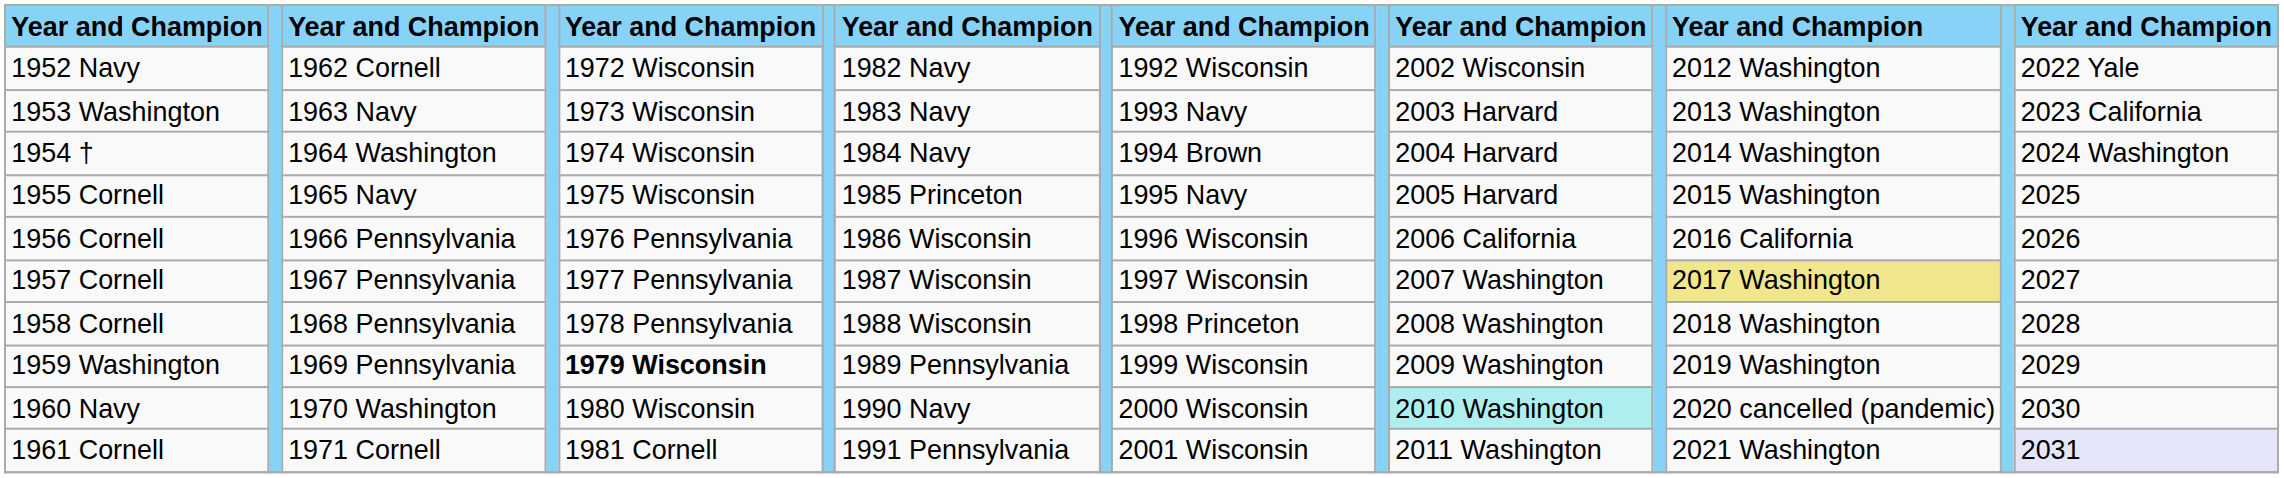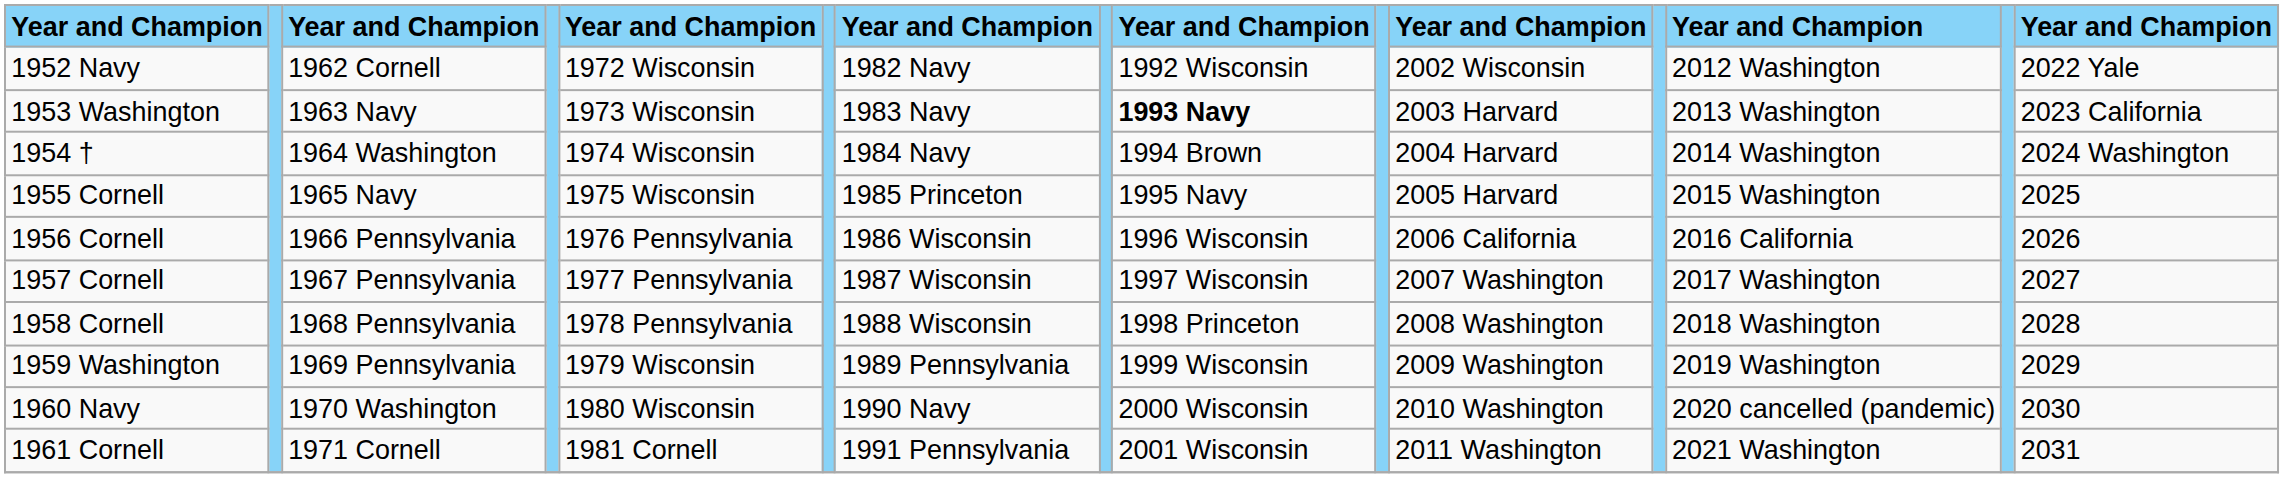 <table class="wikitable" style="font-size:85%;">
 <tr ! style="background-color: #87D3F8;">
 <td><strong>Year and Champion</strong></td>
 <td rowspan=11></td>
 <td><strong>Year and Champion</strong></td>
 <td rowspan=11></td>
 <td><strong>Year and Champion</strong></td>
 <td rowspan=11></td>
 <td><strong>Year and Champion</strong></td>
 <td rowspan=11></td>
 <td><strong>Year and Champion</strong></td>
 <td rowspan=11></td>
 <td><strong>Year and Champion</strong></td>
 <td rowspan=11></td>
 <td><strong>Year and Champion</strong></td>
 <td rowspan=11></td>
 <td><strong>Year and Champion</strong></td>
 </tr>
 <tr --->
 <td>1952 Navy</td>
 <td>1962 Cornell</td>
 <td>1972 Wisconsin</td>
 <td>1982 Navy</td>
 <td>1992 Wisconsin</td>
 <td>2002 Wisconsin</td>
 <td>2012 Washington</td>
 <td>2022 Yale</td>
 </tr>
 <tr --->
 <td>1953 Washington</td>
 <td>1963 Navy</td>
 <td>1973 Wisconsin</td>
 <td>1983 Navy</td>
-<td>1993 Navy</td>
+<td><strong>1993 Navy</strong></td>
 <td>2003 Harvard</td>
 <td>2013 Washington</td>
 <td>2023 California</td>
 </tr>
 <tr --->
 <td>1954 †</td>
 <td>1964 Washington</td>
 <td>1974 Wisconsin</td>
 <td>1984 Navy</td>
 <td>1994 Brown</td>
 <td>2004 Harvard</td>
 <td>2014 Washington</td>
 <td>2024 Washington</td>
 </tr>
 <tr --->
 <td>1955 Cornell</td>
 <td>1965 Navy</td>
 <td>1975 Wisconsin</td>
 <td>1985 Princeton</td>
 <td>1995 Navy</td>
 <td>2005 Harvard</td>
 <td>2015 Washington</td>
 <td>2025</td>
 </tr>
 <tr --->
 <td>1956 Cornell</td>
 <td>1966 Pennsylvania</td>
 <td>1976 Pennsylvania</td>
 <td>1986 Wisconsin</td>
 <td>1996 Wisconsin</td>
 <td>2006 California</td>
 <td>2016 California</td>
 <td>2026</td>
 </tr>
 <tr --->
 <td>1957 Cornell</td>
 <td>1967 Pennsylvania</td>
 <td>1977 Pennsylvania</td>
 <td>1987 Wisconsin</td>
 <td>1997 Wisconsin</td>
 <td>2007 Washington</td>
-<td style="background: khaki;">2017 Washington</td>
+<td>2017 Washington</td>
 <td>2027</td>
 </tr>
 <tr --->
 <td>1958 Cornell</td>
 <td>1968 Pennsylvania</td>
 <td>1978 Pennsylvania</td>
 <td>1988 Wisconsin</td>
 <td>1998 Princeton</td>
 <td>2008 Washington</td>
 <td>2018 Washington</td>
 <td>2028</td>
 </tr>
 <tr --->
 <td>1959 Washington</td>
 <td>1969 Pennsylvania</td>
-<td><strong>1979 Wisconsin</strong></td>
+<td>1979 Wisconsin</td>
 <td>1989 Pennsylvania</td>
 <td>1999 Wisconsin</td>
 <td>2009 Washington</td>
 <td>2019 Washington</td>
 <td>2029</td>
 </tr>
 <tr --->
 <td>1960 Navy</td>
 <td>1970 Washington</td>
 <td>1980 Wisconsin</td>
 <td>1990 Navy</td>
 <td>2000 Wisconsin</td>
-<td style="background: paleturquoise;">2010 Washington</td>
+<td>2010 Washington</td>
 <td>2020 cancelled (pandemic)</td>
 <td>2030</td>
 </tr>
 <tr --->
 <td>1961 Cornell</td>
 <td>1971 Cornell</td>
 <td>1981 Cornell</td>
 <td>1991 Pennsylvania</td>
 <td>2001 Wisconsin</td>
 <td>2011 Washington</td>
 <td>2021 Washington</td>
-<td style="background: lavender;">2031</td>
+<td>2031</td>
 </tr>
 <tr --->
 </tr>
 </table>
